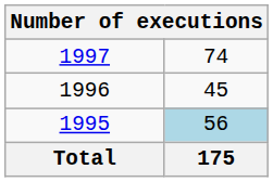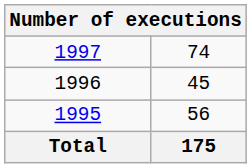 <table class="wikitable" style="text-align:center;">
 <tr>
 <th ! colspan="2">Number of executions</th>
 </tr>
 <tr>
 <td><a href='#'>1997</a></td>
 <td>74</td>
 </tr>
 <tr>
 <td>1996</td>
 <td>45</td>
 </tr>
 <tr>
 <td><a href='#'>1995</a></td>
-<td style="background: lightblue;">56</td>
+<td>56</td>
 </tr>
 <tr>
 <th>Total</th>
 <th>175</th>
 </tr>
 </table>
